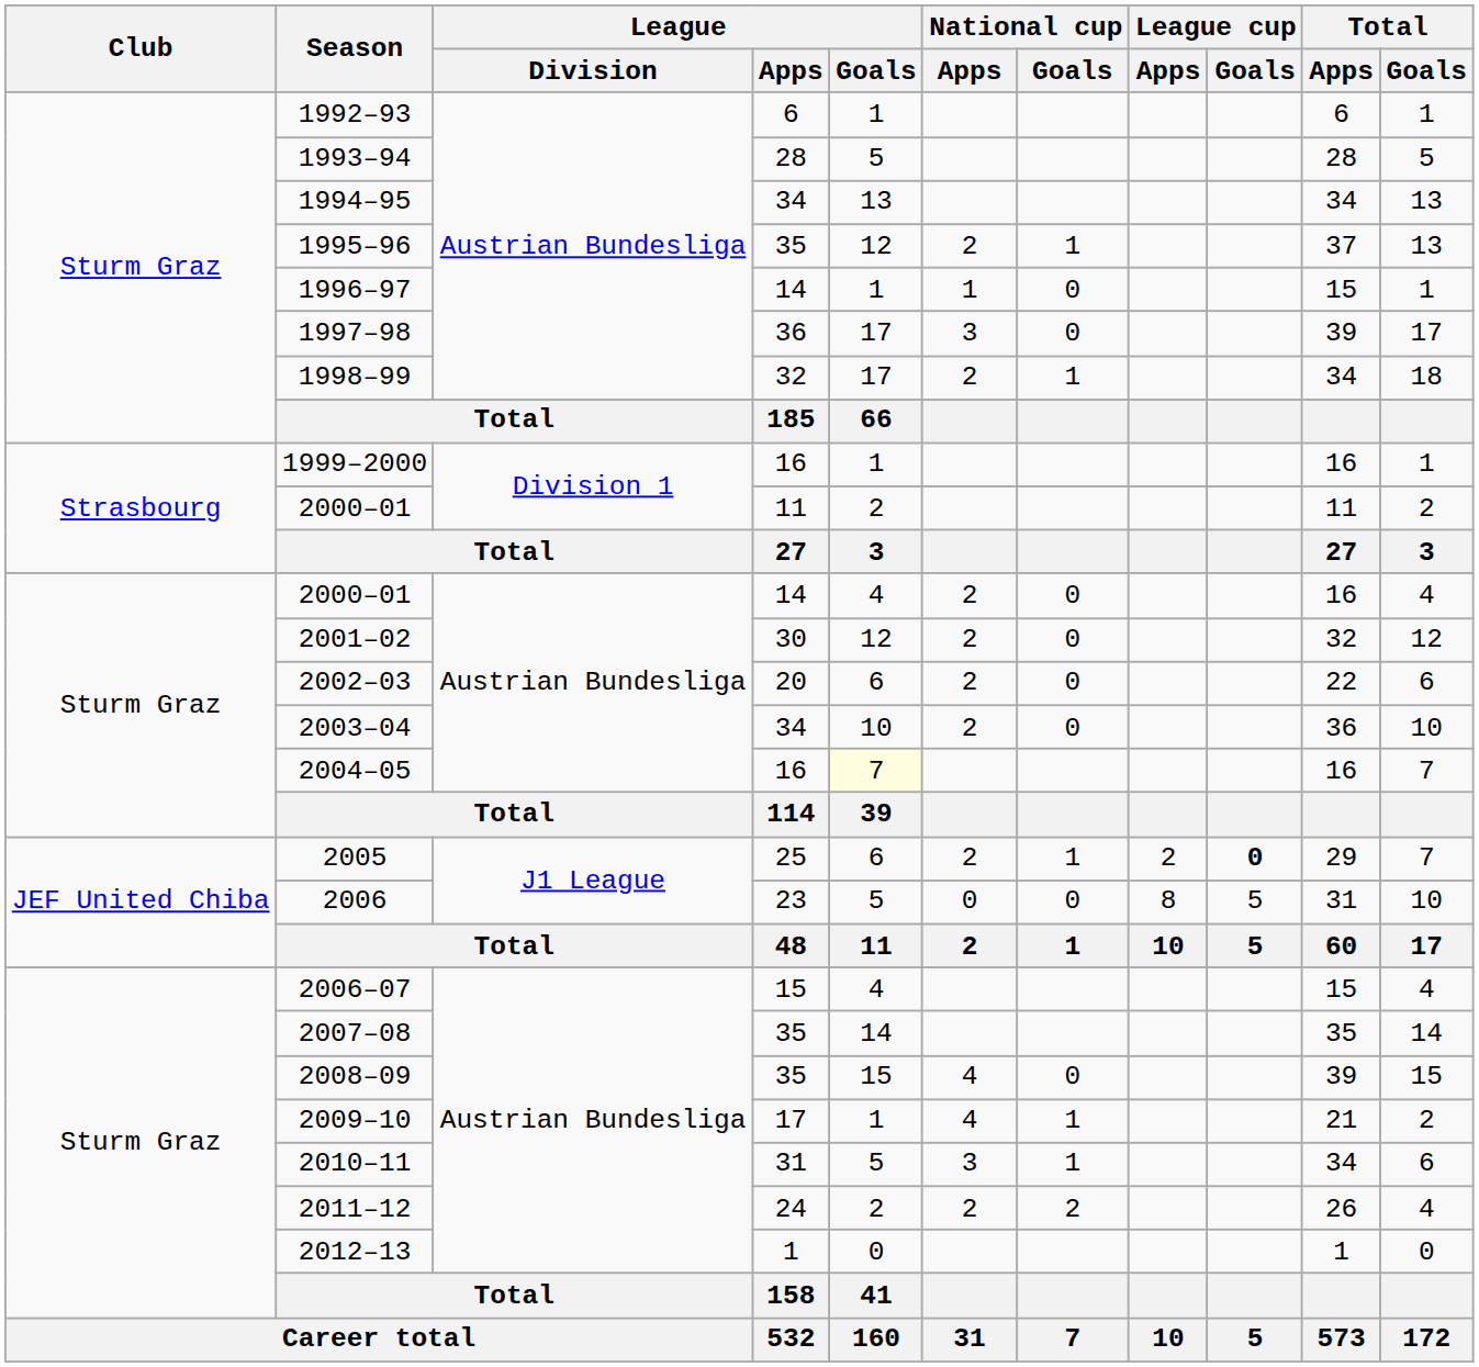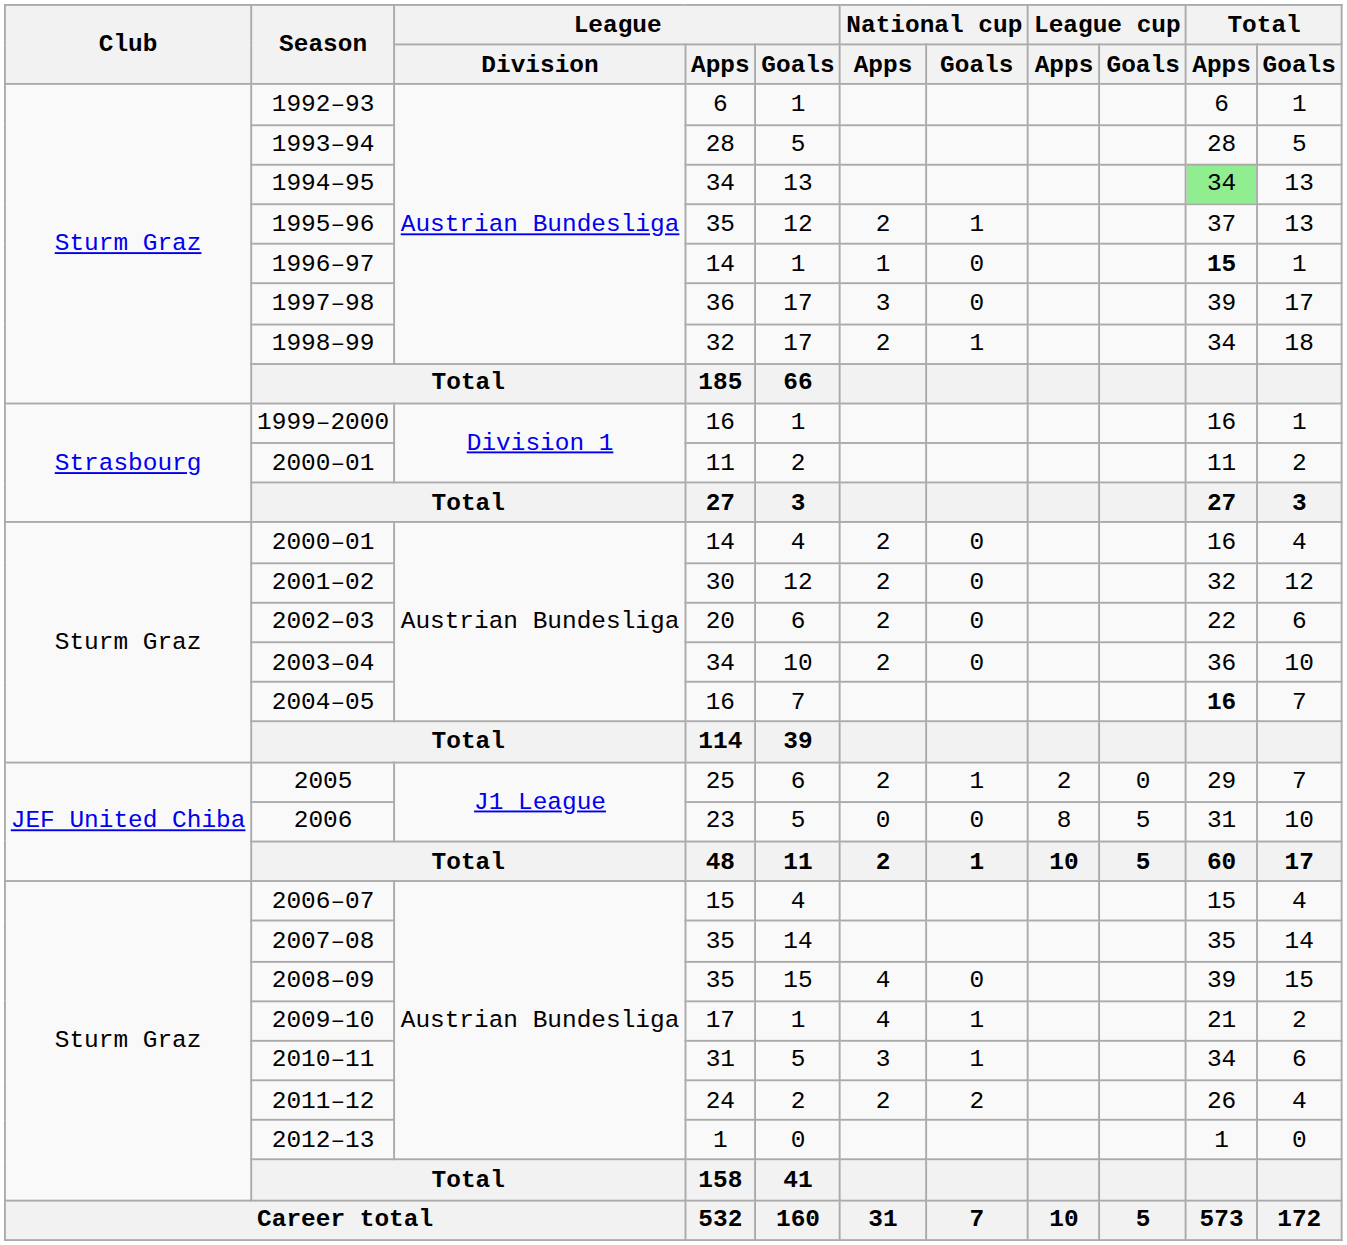 <table class="wikitable" style="text-align:center">
 <tr>
 <th rowspan="2">Club</th>
 <th rowspan="2">Season</th>
 <th colspan="3">League</th>
 <th colspan="2">National cup</th>
 <th colspan="2">League cup</th>
 <th colspan="2">Total</th>
 </tr>
 <tr>
 <th>Division</th>
 <th>Apps</th>
 <th>Goals</th>
 <th>Apps</th>
 <th>Goals</th>
 <th>Apps</th>
 <th>Goals</th>
 <th>Apps</th>
 <th>Goals</th>
 </tr>
 <tr>
 <td rowspan="8"><a href='#'>Sturm Graz</a></td>
 <td>1992–93</td>
 <td rowspan="7"><a href='#'>Austrian Bundesliga</a></td>
 <td>6</td>
 <td>1</td>
 <td></td>
 <td></td>
 <td></td>
 <td></td>
 <td>6</td>
 <td>1</td>
 </tr>
 <tr>
 <td>1993–94</td>
 <td>28</td>
 <td>5</td>
 <td></td>
 <td></td>
 <td></td>
 <td></td>
 <td>28</td>
 <td>5</td>
 </tr>
 <tr>
 <td>1994–95</td>
 <td>34</td>
 <td>13</td>
 <td></td>
 <td></td>
 <td></td>
 <td></td>
-<td>34</td>
+<td style="background: lightgreen;">34</td>
 <td>13</td>
 </tr>
 <tr>
 <td>1995–96</td>
 <td>35</td>
 <td>12</td>
 <td>2</td>
 <td>1</td>
 <td></td>
 <td></td>
 <td>37</td>
 <td>13</td>
 </tr>
 <tr>
 <td>1996–97</td>
 <td>14</td>
 <td>1</td>
 <td>1</td>
 <td>0</td>
 <td></td>
 <td></td>
-<td>15</td>
+<td><strong>15</strong></td>
 <td>1</td>
 </tr>
 <tr>
 <td>1997–98</td>
 <td>36</td>
 <td>17</td>
 <td>3</td>
 <td>0</td>
 <td></td>
 <td></td>
 <td>39</td>
 <td>17</td>
 </tr>
 <tr>
 <td>1998–99</td>
 <td>32</td>
 <td>17</td>
 <td>2</td>
 <td>1</td>
 <td></td>
 <td></td>
 <td>34</td>
 <td>18</td>
 </tr>
 <tr>
 <th colspan="2">Total</th>
 <th>185</th>
 <th>66</th>
 <th></th>
 <th></th>
 <th></th>
 <th></th>
 <th></th>
 <th></th>
 </tr>
 <tr>
 <td rowspan="3"><a href='#'>Strasbourg</a></td>
 <td>1999–2000</td>
 <td rowspan="2"><a href='#'>Division 1</a></td>
 <td>16</td>
 <td>1</td>
 <td></td>
 <td></td>
 <td></td>
 <td></td>
 <td>16</td>
 <td>1</td>
 </tr>
 <tr>
 <td>2000–01</td>
 <td>11</td>
 <td>2</td>
 <td></td>
 <td></td>
 <td></td>
 <td></td>
 <td>11</td>
 <td>2</td>
 </tr>
 <tr>
 <th colspan="2">Total</th>
 <th>27</th>
 <th>3</th>
 <th></th>
 <th></th>
 <th></th>
 <th></th>
 <th>27</th>
 <th>3</th>
 </tr>
 <tr>
 <td rowspan="6">Sturm Graz</td>
 <td>2000–01</td>
 <td rowspan="5">Austrian Bundesliga</td>
 <td>14</td>
 <td>4</td>
 <td>2</td>
 <td>0</td>
 <td></td>
 <td></td>
 <td>16</td>
 <td>4</td>
 </tr>
 <tr>
 <td>2001–02</td>
 <td>30</td>
 <td>12</td>
 <td>2</td>
 <td>0</td>
 <td></td>
 <td></td>
 <td>32</td>
 <td>12</td>
 </tr>
 <tr>
 <td>2002–03</td>
 <td>20</td>
 <td>6</td>
 <td>2</td>
 <td>0</td>
 <td></td>
 <td></td>
 <td>22</td>
 <td>6</td>
 </tr>
 <tr>
 <td>2003–04</td>
 <td>34</td>
 <td>10</td>
 <td>2</td>
 <td>0</td>
 <td></td>
 <td></td>
 <td>36</td>
 <td>10</td>
 </tr>
 <tr>
 <td>2004–05</td>
 <td>16</td>
-<td style="background: lightyellow;">7</td>
+<td>7</td>
 <td></td>
 <td></td>
 <td></td>
 <td></td>
-<td>16</td>
+<td><strong>16</strong></td>
 <td>7</td>
 </tr>
 <tr>
 <th colspan="2">Total</th>
 <th>114</th>
 <th>39</th>
 <th></th>
 <th></th>
 <th></th>
 <th></th>
 <th></th>
 <th></th>
 </tr>
 <tr>
 <td rowspan="3"><a href='#'>JEF United Chiba</a></td>
 <td>2005</td>
 <td rowspan="2"><a href='#'>J1 League</a></td>
 <td>25</td>
 <td>6</td>
 <td>2</td>
 <td>1</td>
 <td>2</td>
-<td><strong>0</strong></td>
+<td>0</td>
 <td>29</td>
 <td>7</td>
 </tr>
 <tr>
 <td>2006</td>
 <td>23</td>
 <td>5</td>
 <td>0</td>
 <td>0</td>
 <td>8</td>
 <td>5</td>
 <td>31</td>
 <td>10</td>
 </tr>
 <tr>
 <th colspan="2">Total</th>
 <th>48</th>
 <th>11</th>
 <th>2</th>
 <th>1</th>
 <th>10</th>
 <th>5</th>
 <th>60</th>
 <th>17</th>
 </tr>
 <tr>
 <td rowspan="8">Sturm Graz</td>
 <td>2006–07</td>
 <td rowspan="7">Austrian Bundesliga</td>
 <td>15</td>
 <td>4</td>
 <td></td>
 <td></td>
 <td></td>
 <td></td>
 <td>15</td>
 <td>4</td>
 </tr>
 <tr>
 <td>2007–08</td>
 <td>35</td>
 <td>14</td>
 <td></td>
 <td></td>
 <td></td>
 <td></td>
 <td>35</td>
 <td>14</td>
 </tr>
 <tr>
 <td>2008–09</td>
 <td>35</td>
 <td>15</td>
 <td>4</td>
 <td>0</td>
 <td></td>
 <td></td>
 <td>39</td>
 <td>15</td>
 </tr>
 <tr>
 <td>2009–10</td>
 <td>17</td>
 <td>1</td>
 <td>4</td>
 <td>1</td>
 <td></td>
 <td></td>
 <td>21</td>
 <td>2</td>
 </tr>
 <tr>
 <td>2010–11</td>
 <td>31</td>
 <td>5</td>
 <td>3</td>
 <td>1</td>
 <td></td>
 <td></td>
 <td>34</td>
 <td>6</td>
 </tr>
 <tr>
 <td>2011–12</td>
 <td>24</td>
 <td>2</td>
 <td>2</td>
 <td>2</td>
 <td></td>
 <td></td>
 <td>26</td>
 <td>4</td>
 </tr>
 <tr>
 <td>2012–13</td>
 <td>1</td>
 <td>0</td>
 <td></td>
 <td></td>
 <td></td>
 <td></td>
 <td>1</td>
 <td>0</td>
 </tr>
 <tr>
 <th colspan="2">Total</th>
 <th>158</th>
 <th>41</th>
 <th></th>
 <th></th>
 <th></th>
 <th></th>
 <th></th>
 <th></th>
 </tr>
 <tr>
 <th colspan="3">Career total</th>
 <th>532</th>
 <th>160</th>
 <th>31</th>
 <th>7</th>
 <th>10</th>
 <th>5</th>
 <th>573</th>
 <th>172</th>
 </tr>
 </table>
